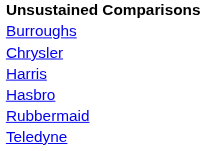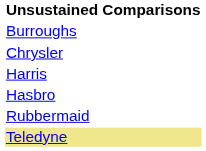 <table>
 <tr>
 <td><strong>Unsustained Comparisons</strong></td>
 </tr>
 <tr>
 <td><a href='#'>Burroughs</a></td>
 </tr>
 <tr>
 <td><a href='#'>Chrysler</a></td>
 </tr>
 <tr>
 <td><a href='#'>Harris</a></td>
 </tr>
 <tr>
 <td><a href='#'>Hasbro</a></td>
 </tr>
 <tr>
 <td><a href='#'>Rubbermaid</a></td>
 </tr>
 <tr>
-<td><a href='#'>Teledyne</a></td>
+<td style="background: khaki;"><a href='#'>Teledyne</a></td>
 </tr>
 </table>
